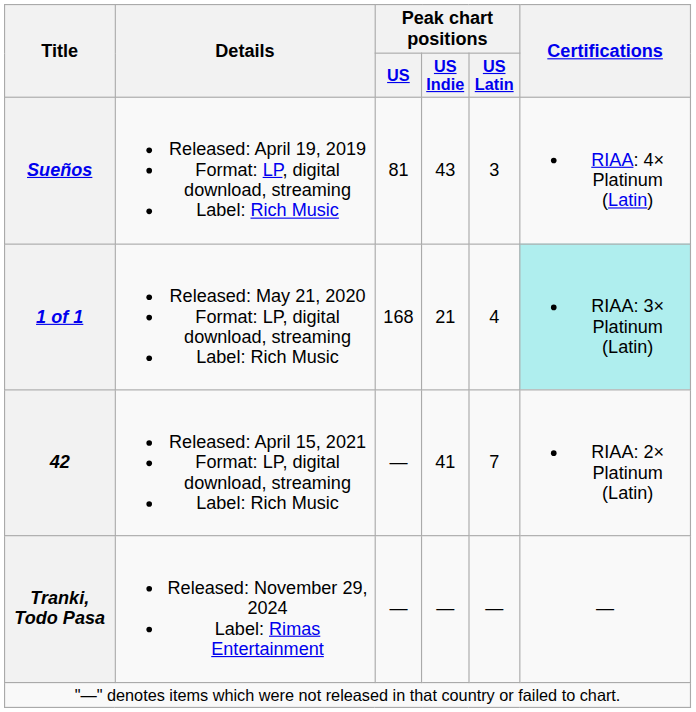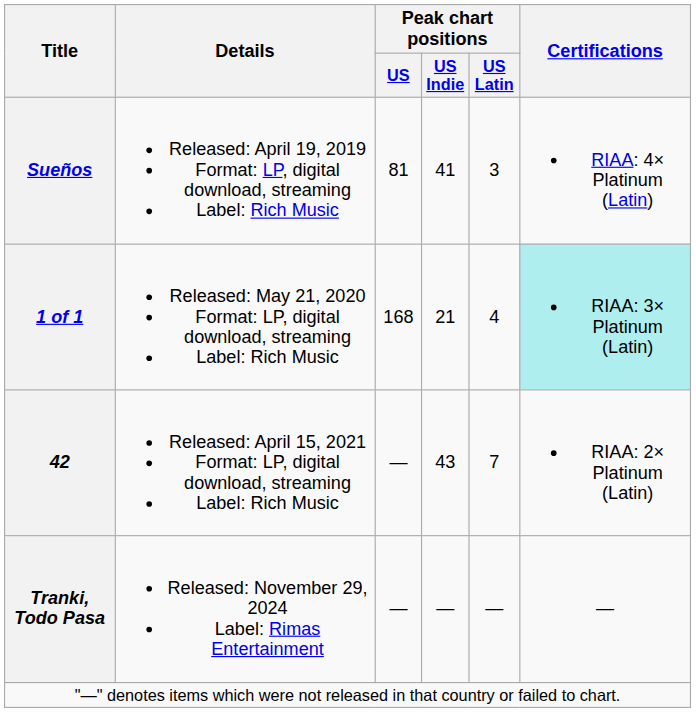 <table class="wikitable plainrowheaders" style="text-align:center;">
 <tr>
 <th scope="col" rowspan="2" style="width:8em;">Title</th>
 <th scope="col" rowspan="2" style="width:20em;">Details</th>
 <th scope="col" colspan="3">Peak chart positions</th>
 <th scope="col" rowspan="2" style="width:12em;"><a href='#'>Certifications</a></th>
 </tr>
 <tr>
 <th scope="col" style="width:3em;font-size:90%;"><a href='#'>US</a><br></th>
 <th scope="col" style="width:2.5em;font-size:90%;"><a href='#'>US<br>Indie</a><br></th>
 <th scope="col" style="width:3em;font-size:90%;"><a href='#'>US<br>Latin</a><br></th>
 </tr>
 <tr>
 <th scope="row"><em><a href='#'>Sueños</a></em></th>
 <td><br><ul><li>Released: April 19, 2019</li><li>Format: <a href='#'>LP</a>, digital download, streaming</li><li>Label: <a href='#'>Rich Music</a></li></ul></td>
 <td>81</td>
-<td>43</td>
+<td>41</td>
 <td>3</td>
 <td><br><ul><li><a href='#'>RIAA</a>: 4× Platinum (<a href='#'>Latin</a>)</li></ul></td>
 </tr>
 <tr>
 <th scope="row"><em><a href='#'>1 of 1</a></em></th>
 <td><br><ul><li>Released: May 21, 2020</li><li>Format: LP, digital download, streaming</li><li>Label: Rich Music</li></ul></td>
 <td>168</td>
 <td>21</td>
 <td>4</td>
 <td style="background: paleturquoise;"><br><ul><li>RIAA: 3× Platinum (Latin)</li></ul></td>
 </tr>
 <tr>
 <th scope="row"><em>42</em></th>
 <td><br><ul><li>Released: April 15, 2021</li><li>Format: LP, digital download, streaming</li><li>Label: Rich Music</li></ul></td>
 <td>—</td>
-<td>41</td>
+<td>43</td>
 <td>7</td>
 <td><br><ul><li>RIAA: 2× Platinum (Latin)</li></ul></td>
 </tr>
 <tr>
 <th scope="row"><em>Tranki, Todo Pasa</em></th>
 <td><br><ul><li>Released: November 29, 2024</li><li>Label: <a href='#'>Rimas Entertainment</a></li></ul></td>
 <td>—</td>
 <td>—</td>
 <td>—</td>
 <td>—</td>
 </tr>
 <tr>
 <td colspan="13" style="font-size:90%;">"—" denotes items which were not released in that country or failed to chart.</td>
 </tr>
 </table>
